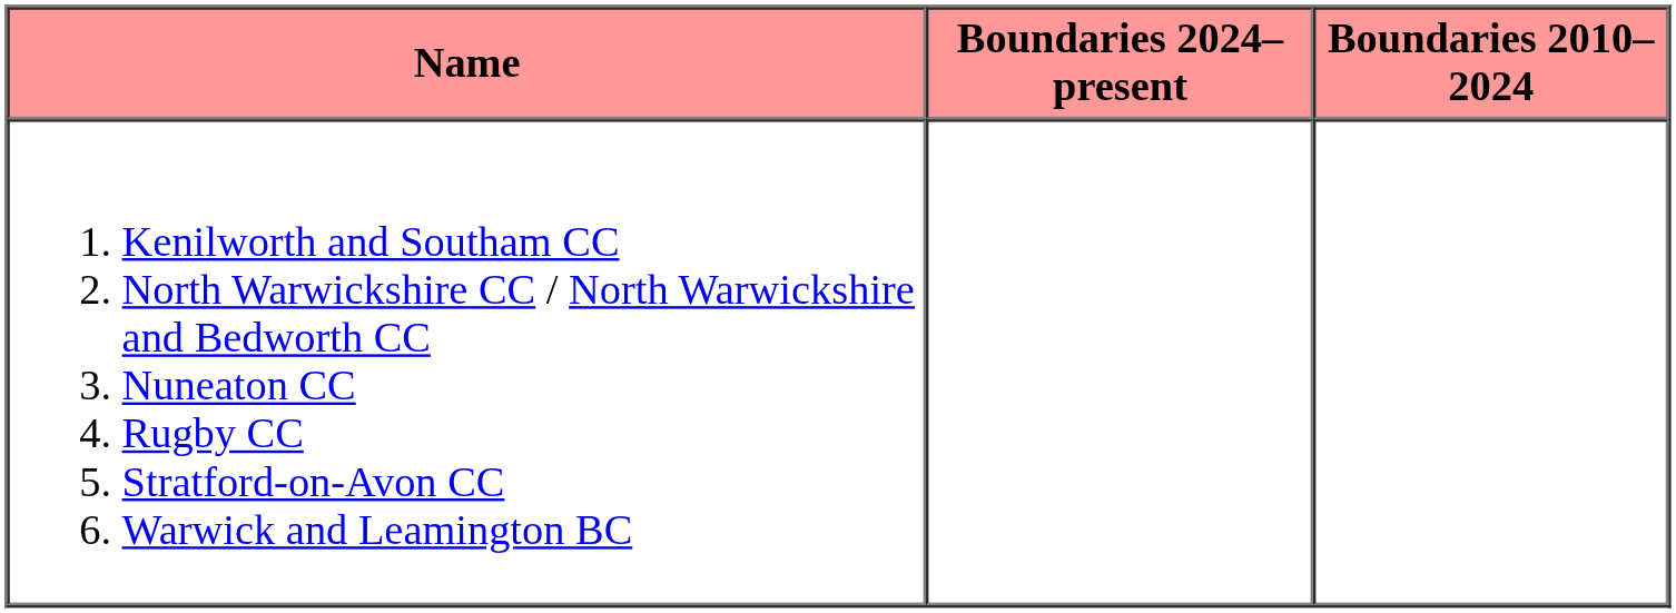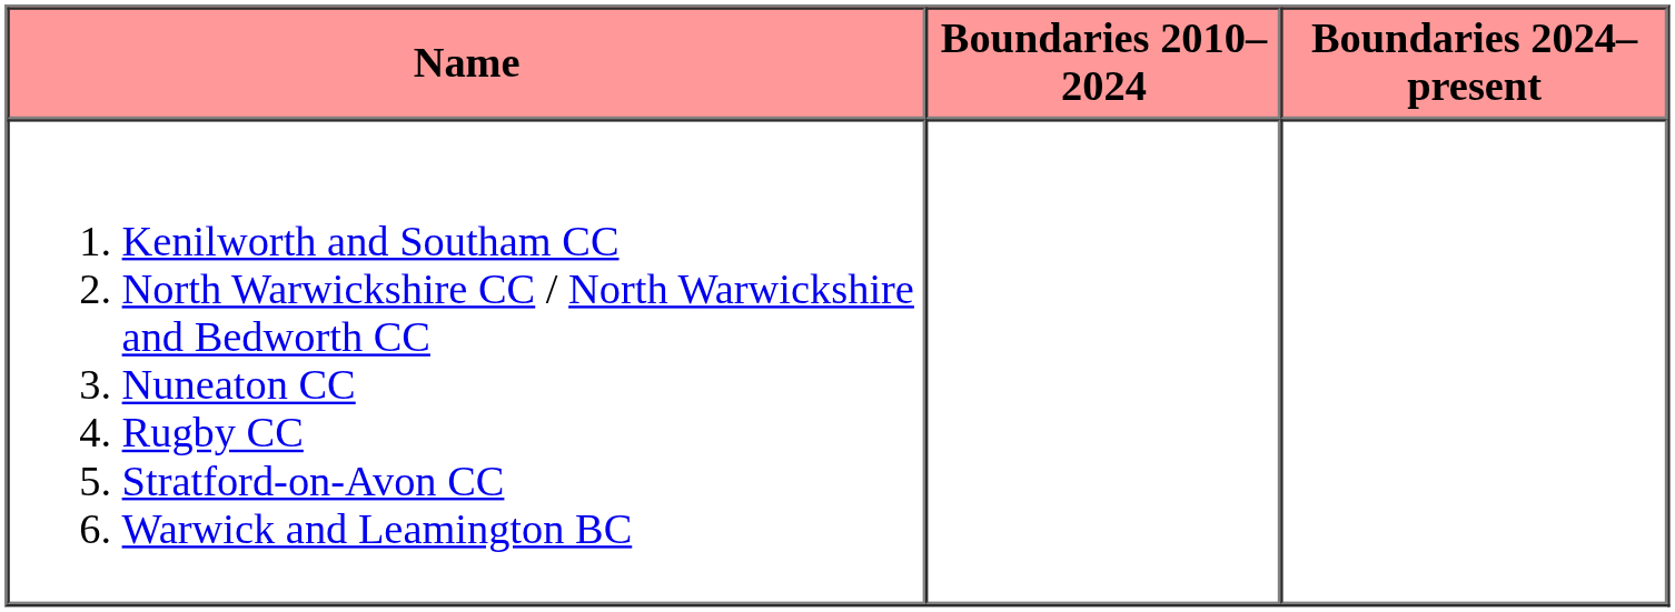 <table border="1" cellpadding="2" cellspacing="0">
 <tr>
 <th bgcolor="#ff9999">Name</th>
+<th bgcolor="#ff9999">Boundaries 2010–2024</th>
 <th bgcolor="#ff9999">Boundaries 2024–present</th>
-<th bgcolor="#ff9999">Boundaries 2010–2024</th>
 </tr>
 <tr>
 <td><br><ol><li><a href='#'>Kenilworth and Southam CC</a></li><li><a href='#'>North Warwickshire CC</a> / <a href='#'>North Warwickshire and Bedworth CC</a></li><li><a href='#'>Nuneaton CC</a></li><li><a href='#'>Rugby CC</a></li><li><a href='#'>Stratford-on-Avon CC</a></li><li><a href='#'>Warwick and Leamington BC</a></li></ol></td>
 <td></td>
 <td></td>
 </tr>
 </table>
